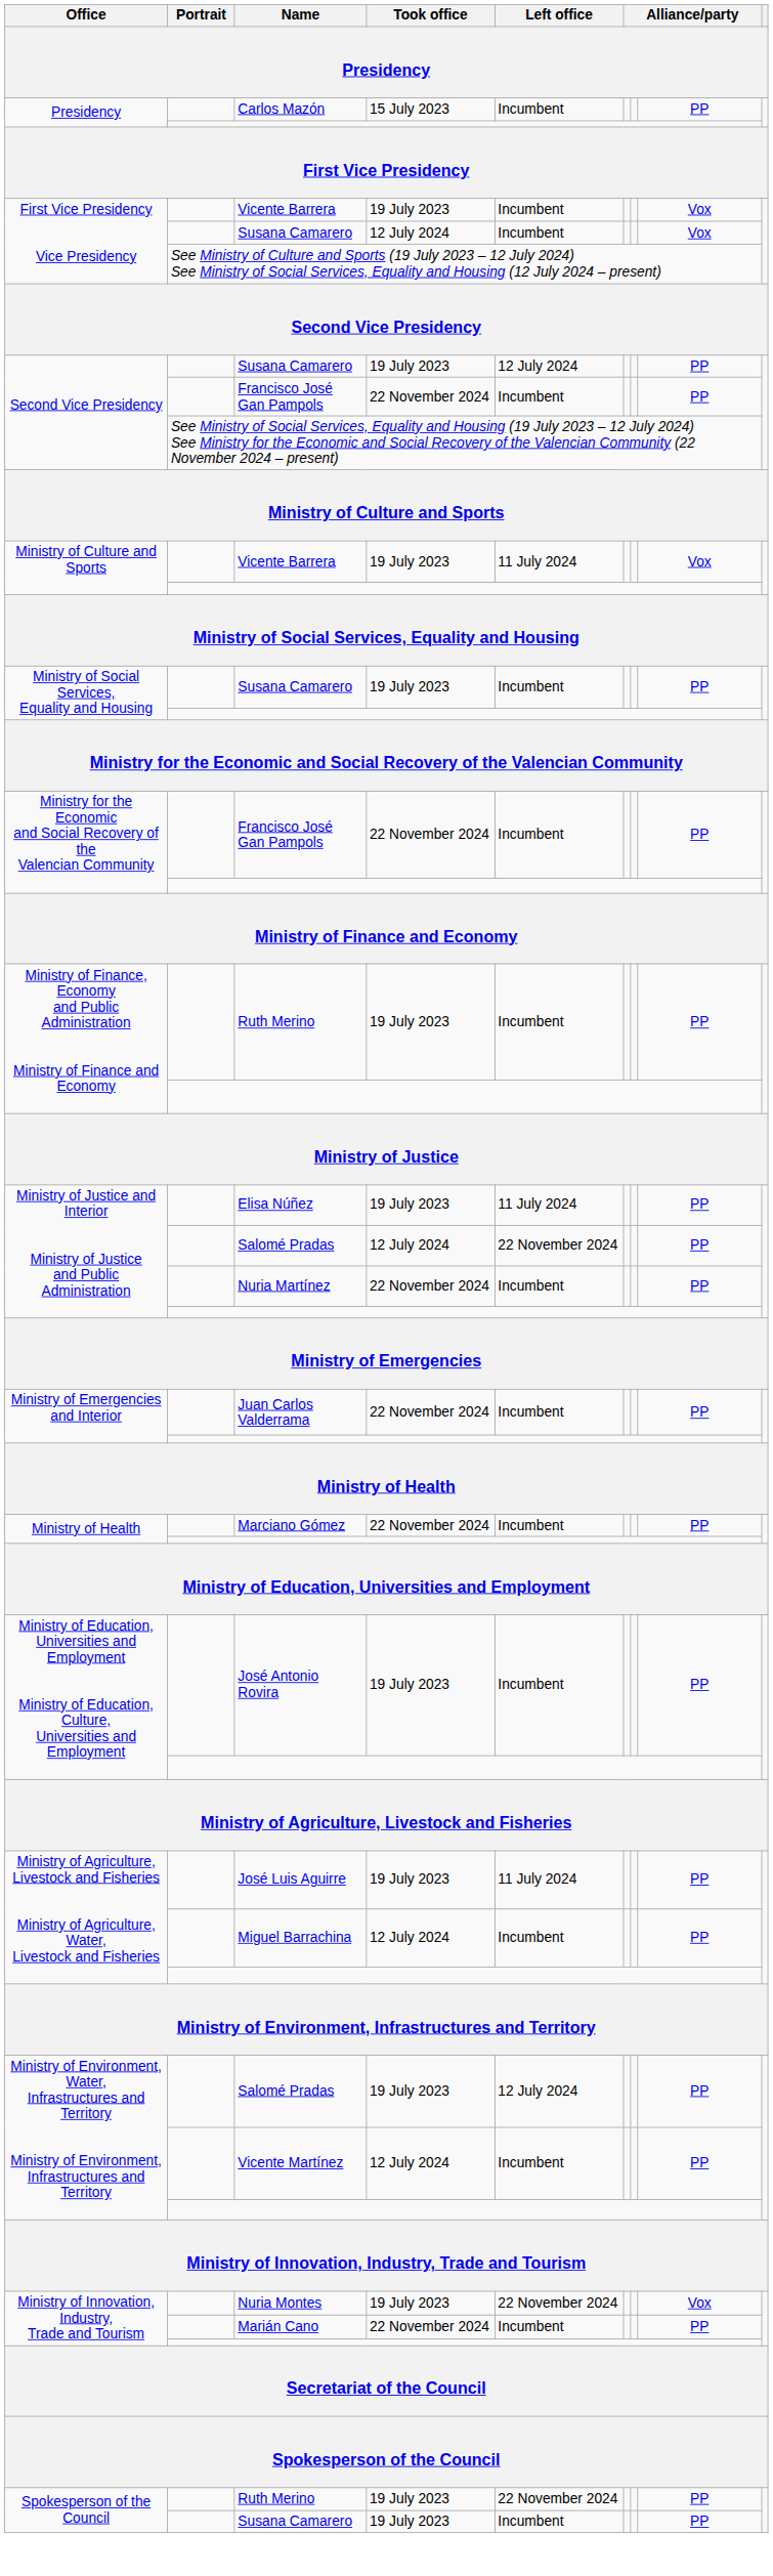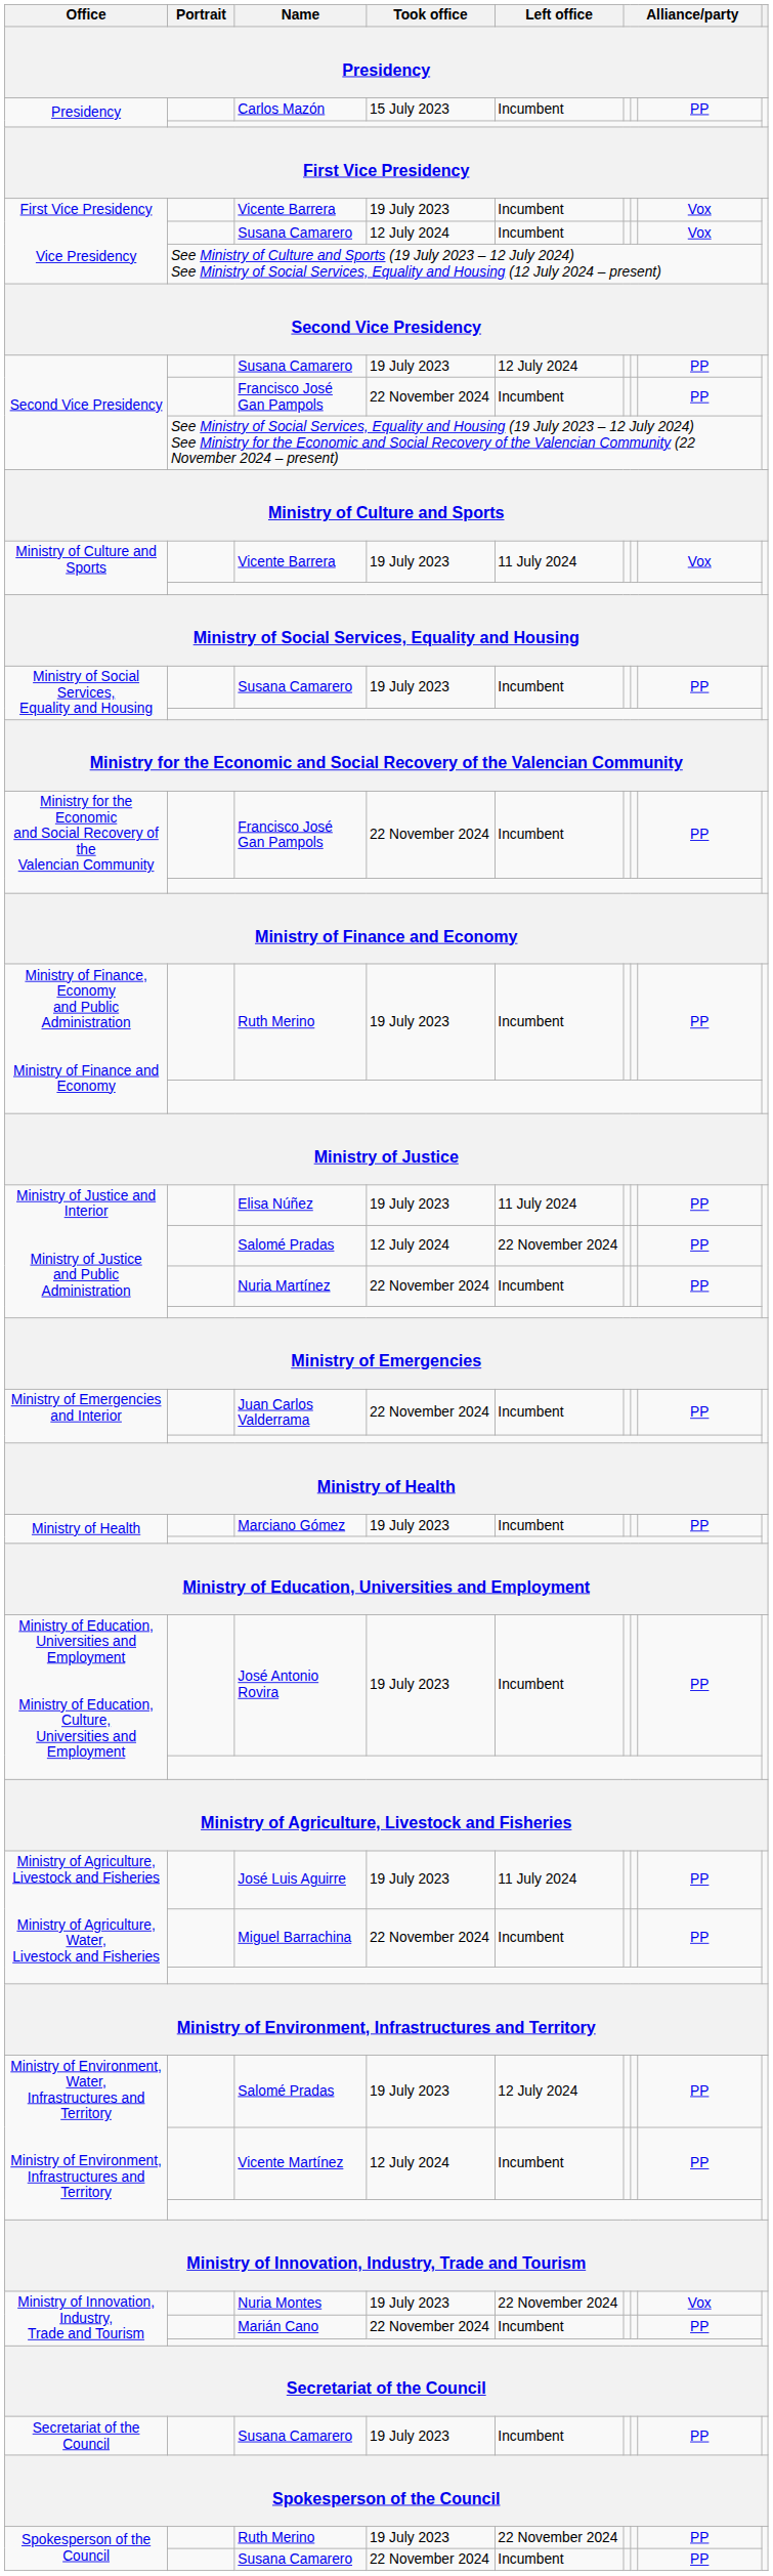 <table class="wikitable" style="line-height:18px;">
 <tr>
 <th scope="col">Office<br></th>
 <th scope="col">Portrait</th>
 <th scope="col">Name</th>
 <th scope="col">Took office</th>
 <th scope="col">Left office</th>
 <th colspan="3" scope="col">Alliance/party</th>
 <th></th>
 </tr>
 <tr>
 <th colspan="9"><br><h3><a href='#'>Presidency</a></h3></th>
 </tr>
 <tr>
 <td align="center" rowspan="2" width="250"><a href='#'>Presidency</a><br></td>
 <td width="80"></td>
 <td width="200"><a href='#'>Carlos Mazón</a></td>
 <td width="200">15 July 2023</td>
 <td width="200">Incumbent</td>
 <td width="1" style="background-color:"></td>
 <td width="1" style="background-color:"></td>
 <td width="175" align="center"><a href='#'>PP</a></td>
 <td align="center" rowspan="2"></td>
 </tr>
 <tr>
 <td colspan="7"></td>
 </tr>
 <tr>
 <th colspan="9"><br><h3><a href='#'>First Vice Presidency</a></h3></th>
 </tr>
 <tr>
 <td align="center" rowspan="3"><a href='#'>First Vice Presidency</a><br><br><br><a href='#'>Vice Presidency</a><br><br></td>
 <td></td>
 <td><a href='#'>Vicente Barrera</a></td>
 <td>19 July 2023</td>
 <td>Incumbent</td>
 <td style="background-color:"></td>
 <td style="background-color:"></td>
 <td align="center"><a href='#'>Vox</a></td>
 <td align="center" rowspan="3"></td>
 </tr>
 <tr>
 <td></td>
 <td><a href='#'>Susana Camarero</a></td>
 <td>12 July 2024</td>
 <td>Incumbent</td>
 <td style="background-color:"></td>
 <td style="background-color:"></td>
 <td align="center"><a href='#'>Vox</a></td>
 </tr>
 <tr>
 <td colspan="7"><em>See <a href='#'>Ministry of Culture and Sports</a> (19 July 2023 – 12 July 2024)<br>See <a href='#'>Ministry of Social Services, Equality and Housing</a> (12 July 2024 – present)</em></td>
 </tr>
 <tr>
 <th colspan="9"><br><h3><a href='#'>Second Vice Presidency</a></h3></th>
 </tr>
 <tr>
 <td align="center" rowspan="3"><a href='#'>Second Vice Presidency</a><br><br></td>
 <td></td>
 <td><a href='#'>Susana Camarero</a></td>
 <td>19 July 2023</td>
 <td>12 July 2024</td>
 <td style="background-color:"></td>
 <td style="background-color:"></td>
 <td align="center"><a href='#'>PP</a></td>
 <td align="center" rowspan="3"></td>
 </tr>
 <tr>
 <td></td>
 <td><a href='#'>Francisco José Gan Pampols</a></td>
 <td>22 November 2024</td>
 <td>Incumbent</td>
 <td style="background-color:"></td>
 <td style="background-color:"></td>
 <td align="center"><a href='#'>PP</a><br></td>
 </tr>
 <tr>
 <td colspan="7"><em>See <a href='#'>Ministry of Social Services, Equality and Housing</a> (19 July 2023 – 12 July 2024)<br>See <a href='#'>Ministry for the Economic and Social Recovery of the Valencian Community</a> (22 November 2024 – present)</em></td>
 </tr>
 <tr>
 <th colspan="9"><br><h3><a href='#'>Ministry of Culture and Sports</a></h3></th>
 </tr>
 <tr>
 <td align="center" rowspan="2"><a href='#'>Ministry of Culture and Sports</a><br><br></td>
 <td></td>
 <td><a href='#'>Vicente Barrera</a></td>
 <td>19 July 2023</td>
 <td>11 July 2024</td>
 <td style="background-color:"></td>
 <td style="background-color:"></td>
 <td align="center"><a href='#'>Vox</a></td>
 <td align="center" rowspan="2"></td>
 </tr>
 <tr>
 <td colspan="7"></td>
 </tr>
 <tr>
 <th colspan="9"><br><h3><a href='#'>Ministry of Social Services, Equality and Housing</a></h3></th>
 </tr>
 <tr>
 <td align="center" rowspan="2"><a href='#'>Ministry of Social Services,<br>Equality and Housing</a><br></td>
 <td></td>
 <td><a href='#'>Susana Camarero</a></td>
 <td>19 July 2023</td>
 <td>Incumbent</td>
 <td style="background-color:"></td>
 <td style="background-color:"></td>
 <td align="center"><a href='#'>PP</a></td>
 <td align="center" rowspan="2"></td>
 </tr>
 <tr>
 <td colspan="7"></td>
 </tr>
 <tr>
 <th colspan="9"><br><h3><a href='#'>Ministry for the Economic and Social Recovery of the Valencian Community</a></h3></th>
 </tr>
 <tr>
 <td align="center" rowspan="2"><a href='#'>Ministry for the Economic<br>and Social Recovery of the<br>Valencian Community</a><br><br></td>
 <td></td>
 <td><a href='#'>Francisco José Gan Pampols</a></td>
 <td>22 November 2024</td>
 <td>Incumbent</td>
 <td style="background-color:"></td>
 <td style="background-color:"></td>
 <td align="center"><a href='#'>PP</a><br></td>
 <td align="center" rowspan="2"></td>
 </tr>
 <tr>
 <td colspan="7"></td>
 </tr>
 <tr>
 <th colspan="9"><br><h3><a href='#'>Ministry of Finance and Economy</a></h3></th>
 </tr>
 <tr>
 <td align="center" rowspan="2"><a href='#'>Ministry of Finance, Economy<br>and Public Administration</a><br><br><br><a href='#'>Ministry of Finance and Economy</a><br><br></td>
 <td></td>
 <td><a href='#'>Ruth Merino</a></td>
 <td>19 July 2023</td>
 <td>Incumbent</td>
 <td style="background-color:"></td>
 <td style="background-color:"></td>
 <td align="center"><a href='#'>PP</a><br></td>
 <td align="center" rowspan="2"></td>
 </tr>
 <tr>
 <td colspan="7"></td>
 </tr>
 <tr>
 <th colspan="9"><br><h3><a href='#'>Ministry of Justice</a></h3></th>
 </tr>
 <tr>
 <td align="center" rowspan="4"><a href='#'>Ministry of Justice and Interior</a><br><br><br><a href='#'>Ministry of Justice<br>and Public Administration</a><br><br></td>
 <td></td>
 <td><a href='#'>Elisa Núñez</a></td>
 <td>19 July 2023</td>
 <td>11 July 2024</td>
 <td style="background-color:"></td>
 <td style="background-color:"></td>
 <td align="center"><a href='#'>PP</a></td>
 <td align="center" rowspan="4"></td>
 </tr>
 <tr>
 <td></td>
 <td><a href='#'>Salomé Pradas</a></td>
 <td>12 July 2024</td>
 <td>22 November 2024</td>
 <td style="background-color:"></td>
 <td style="background-color:"></td>
 <td align="center"><a href='#'>PP</a></td>
 </tr>
 <tr>
 <td></td>
 <td><a href='#'>Nuria Martínez</a></td>
 <td>22 November 2024</td>
 <td>Incumbent</td>
 <td style="background-color:"></td>
 <td style="background-color:"></td>
 <td align="center"><a href='#'>PP</a><br></td>
 </tr>
 <tr>
 <td colspan="7"></td>
 </tr>
 <tr>
 <th colspan="9"><br><h3><a href='#'>Ministry of Emergencies</a></h3></th>
 </tr>
 <tr>
 <td align="center" rowspan="2"><a href='#'>Ministry of Emergencies<br>and Interior</a><br><br></td>
 <td></td>
 <td><a href='#'>Juan Carlos Valderrama</a></td>
 <td>22 November 2024</td>
 <td>Incumbent</td>
 <td style="background-color:"></td>
 <td style="background-color:"></td>
 <td align="center"><a href='#'>PP</a></td>
 <td align="center" rowspan="2"></td>
 </tr>
 <tr>
 <td colspan="7"></td>
 </tr>
 <tr>
 <th colspan="9"><br><h3><a href='#'>Ministry of Health</a></h3></th>
 </tr>
 <tr>
 <td align="center" rowspan="2"><a href='#'>Ministry of Health</a><br></td>
 <td></td>
 <td><a href='#'>Marciano Gómez</a></td>
-<td>22 November 2024</td>
+<td>19 July 2023</td>
 <td>Incumbent</td>
 <td style="background-color:"></td>
 <td style="background-color:"></td>
 <td align="center"><a href='#'>PP</a></td>
 <td align="center" rowspan="2"></td>
 </tr>
 <tr>
 <td colspan="7"></td>
 </tr>
 <tr>
 <th colspan="9"><br><h3><a href='#'>Ministry of Education, Universities and Employment</a></h3></th>
 </tr>
 <tr>
 <td align="center" rowspan="2"><a href='#'>Ministry of Education,<br>Universities and Employment</a><br><br><br><a href='#'>Ministry of Education, Culture,<br>Universities and Employment</a><br><br></td>
 <td></td>
 <td><a href='#'>José Antonio Rovira</a></td>
 <td>19 July 2023</td>
 <td>Incumbent</td>
 <td style="background-color:"></td>
 <td style="background-color:"></td>
 <td align="center"><a href='#'>PP</a></td>
 <td align="center" rowspan="2"></td>
 </tr>
 <tr>
 <td colspan="7"></td>
 </tr>
 <tr>
 <th colspan="9"><br><h3><a href='#'>Ministry of Agriculture, Livestock and Fisheries</a></h3></th>
 </tr>
 <tr>
 <td align="center" rowspan="3"><a href='#'>Ministry of Agriculture,<br>Livestock and Fisheries</a><br><br><br><a href='#'>Ministry of Agriculture, Water,<br>Livestock and Fisheries</a><br><br></td>
 <td></td>
 <td><a href='#'>José Luis Aguirre</a></td>
 <td>19 July 2023</td>
 <td>11 July 2024</td>
 <td style="background-color:"></td>
 <td style="background-color:"></td>
 <td align="center"><a href='#'>PP</a></td>
 <td align="center" rowspan="3"></td>
 </tr>
 <tr>
 <td></td>
 <td><a href='#'>Miguel Barrachina</a></td>
-<td>12 July 2024</td>
+<td>22 November 2024</td>
 <td>Incumbent</td>
 <td style="background-color:"></td>
 <td style="background-color:"></td>
 <td align="center"><a href='#'>PP</a></td>
 </tr>
 <tr>
 <td colspan="7"></td>
 </tr>
 <tr>
 <th colspan="9"><br><h3><a href='#'>Ministry of Environment, Infrastructures and Territory</a></h3></th>
 </tr>
 <tr>
 <td align="center" rowspan="3"><a href='#'>Ministry of Environment, Water,<br>Infrastructures and Territory</a><br><br><br><a href='#'>Ministry of Environment,<br>Infrastructures and Territory</a><br><br></td>
 <td></td>
 <td><a href='#'>Salomé Pradas</a></td>
 <td>19 July 2023</td>
 <td>12 July 2024</td>
 <td style="background-color:"></td>
 <td style="background-color:"></td>
 <td align="center"><a href='#'>PP</a></td>
 <td align="center" rowspan="3"></td>
 </tr>
 <tr>
 <td></td>
 <td><a href='#'>Vicente Martínez</a></td>
 <td>12 July 2024</td>
 <td>Incumbent</td>
 <td style="background-color:"></td>
 <td style="background-color:"></td>
 <td align="center"><a href='#'>PP</a></td>
 </tr>
 <tr>
 <td colspan="7"></td>
 </tr>
 <tr>
 <th colspan="9"><br><h3><a href='#'>Ministry of Innovation, Industry, Trade and Tourism</a></h3></th>
 </tr>
 <tr>
 <td align="center" rowspan="3"><a href='#'>Ministry of Innovation, Industry,<br>Trade and Tourism</a><br></td>
 <td></td>
 <td><a href='#'>Nuria Montes</a></td>
 <td>19 July 2023</td>
 <td>22 November 2024</td>
 <td style="background-color:"></td>
 <td style="background-color:"></td>
 <td align="center"><a href='#'>Vox</a></td>
 <td align="center" rowspan="3"></td>
 </tr>
 <tr>
 <td></td>
 <td><a href='#'>Marián Cano</a></td>
 <td>22 November 2024</td>
 <td>Incumbent</td>
 <td style="background-color:"></td>
 <td style="background-color:"></td>
 <td align="center"><a href='#'>PP</a></td>
 </tr>
 <tr>
 <td colspan="7"></td>
 </tr>
 <tr>
 <th colspan="9"><br><h3><a href='#'>Secretariat of the Council</a></h3></th>
 </tr>
 <tr>
+<td align="center"><a href='#'>Secretariat of the Council</a><br></td>
+<td></td>
+<td><a href='#'>Susana Camarero</a></td>
+<td>19 July 2023</td>
+<td>Incumbent</td>
+<td style="background-color:"></td>
+<td style="background-color:"></td>
+<td align="center"><a href='#'>PP</a></td>
+<td align="center"></td>
+</tr>
+<tr>
 <th colspan="9"><br><h3><a href='#'>Spokesperson of the Council</a></h3></th>
 </tr>
 <tr>
 <td align="center" rowspan="2"><a href='#'>Spokesperson of the Council</a><br></td>
 <td></td>
 <td><a href='#'>Ruth Merino</a></td>
 <td>19 July 2023</td>
 <td>22 November 2024</td>
 <td style="background-color:"></td>
 <td style="background-color:"></td>
 <td align="center"><a href='#'>PP</a><br></td>
 <td align="center" rowspan="2"></td>
 </tr>
 <tr>
 <td></td>
 <td><a href='#'>Susana Camarero</a></td>
-<td>19 July 2023</td>
+<td>22 November 2024</td>
 <td>Incumbent</td>
 <td style="background-color:"></td>
 <td style="background-color:"></td>
 <td align="center"><a href='#'>PP</a></td>
 </tr>
 </table>
